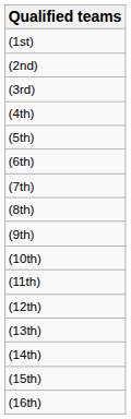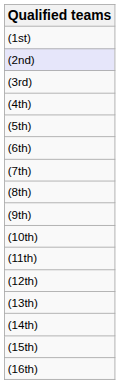 <table class="wikitable">
 <tr>
 <th>Qualified teams</th>
 </tr>
 <tr>
 <td> <small>(1st)</small></td>
 </tr>
 <tr>
-<td> <small>(2nd)</small></td>
+<td style="background: lavender;"> <small>(2nd)</small></td>
 </tr>
 <tr>
 <td> <small>(3rd)</small></td>
 </tr>
 <tr>
 <td> <small>(4th)</small></td>
 </tr>
 <tr>
 <td> <small>(5th)</small></td>
 </tr>
 <tr>
 <td> <small>(6th)</small></td>
 </tr>
 <tr>
 <td> <small>(7th)</small></td>
 </tr>
 <tr>
 <td> <small>(8th)</small></td>
 </tr>
 <tr>
 <td> <small>(9th)</small></td>
 </tr>
 <tr>
 <td> <small>(10th)</small></td>
 </tr>
 <tr>
 <td> <small>(11th)</small></td>
 </tr>
 <tr>
 <td> <small>(12th)</small></td>
 </tr>
 <tr>
 <td> <small>(13th)</small></td>
 </tr>
 <tr>
 <td> <small>(14th)</small></td>
 </tr>
 <tr>
 <td> <small>(15th)</small></td>
 </tr>
 <tr>
 <td> <small>(16th)</small></td>
 </tr>
 </table>
